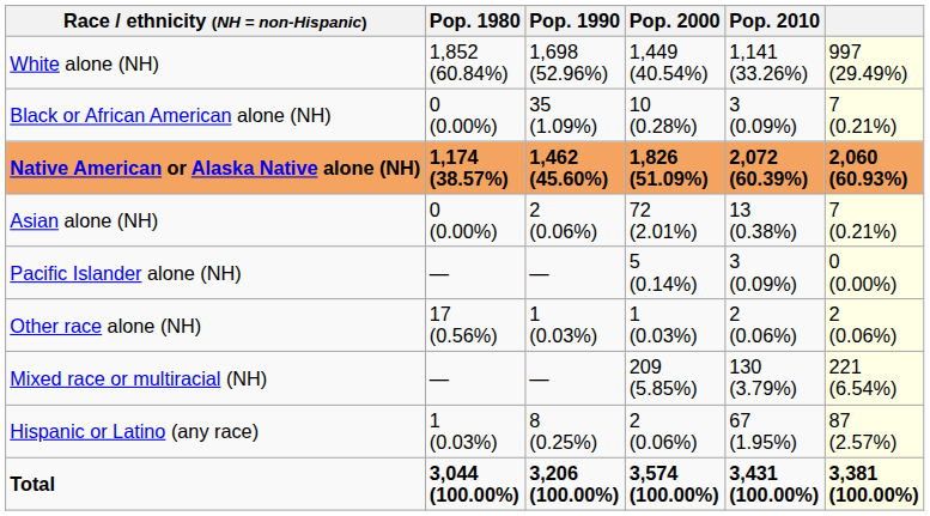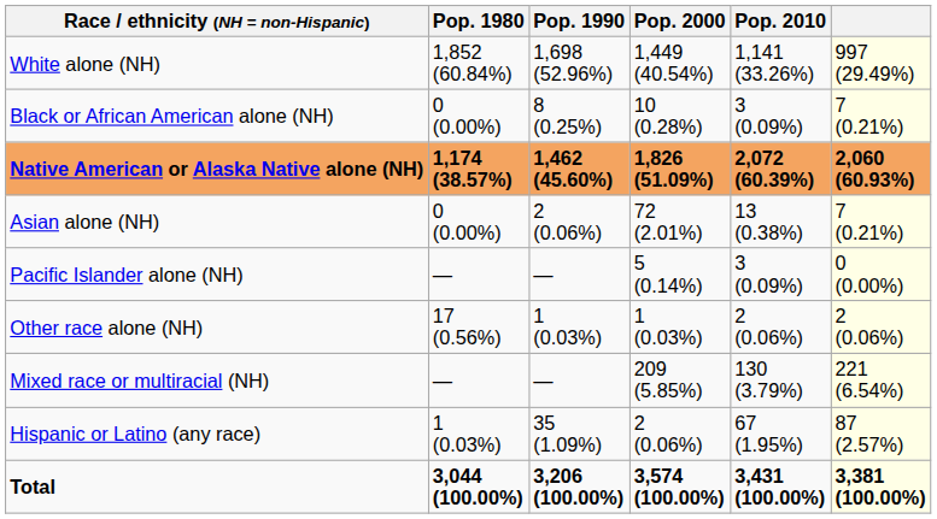 <table class="wikitable sortable collapsible" style="font-size: 95%;">
 <tr>
 <th>Race / ethnicity <small>(<em>NH = non-Hispanic</em>)</small></th>
 <th>Pop. 1980</th>
 <th>Pop. 1990</th>
 <th>Pop. 2000</th>
 <th>Pop. 2010</th>
 <th></th>
 </tr>
 <tr>
 <td><a href='#'>White</a> alone (NH)</td>
 <td>1,852<br>(60.84%)</td>
 <td>1,698<br>(52.96%)</td>
 <td>1,449<br>(40.54%)</td>
 <td>1,141<br>(33.26%)</td>
 <td style='background: #ffffe6;'>997<br>(29.49%)</td>
 </tr>
 <tr>
 <td><a href='#'>Black or African American</a> alone (NH)</td>
 <td>0<br>(0.00%)</td>
-<td>35<br>(1.09%)</td>
+<td>8<br>(0.25%)</td>
 <td>10<br>(0.28%)</td>
 <td>3<br>(0.09%)</td>
 <td style='background: #ffffe6;'>7<br>(0.21%)</td>
 </tr>
 <tr style='background: #F4A460;'>
 <td><strong><a href='#'>Native American</a> or <a href='#'>Alaska Native</a> alone (NH)</strong></td>
 <td><strong>1,174<br>(38.57%)</strong></td>
 <td><strong>1,462<br>(45.60%)</strong></td>
 <td><strong>1,826<br>(51.09%)</strong></td>
 <td><strong>2,072<br>(60.39%)</strong></td>
 <td><strong>2,060<br>(60.93%)</strong></td>
 </tr>
 <tr>
 <td><a href='#'>Asian</a> alone (NH)</td>
 <td>0<br>(0.00%)</td>
 <td>2<br>(0.06%)</td>
 <td>72<br>(2.01%)</td>
 <td>13<br>(0.38%)</td>
 <td style='background: #ffffe6;'>7<br>(0.21%)</td>
 </tr>
 <tr>
 <td><a href='#'>Pacific Islander</a> alone (NH)</td>
 <td>—</td>
 <td>—</td>
 <td>5<br>(0.14%)</td>
 <td>3<br>(0.09%)</td>
 <td style='background: #ffffe6;'>0<br>(0.00%)</td>
 </tr>
 <tr>
 <td><a href='#'>Other race</a> alone (NH)</td>
 <td>17<br>(0.56%)</td>
 <td>1<br>(0.03%)</td>
 <td>1<br>(0.03%)</td>
 <td>2<br>(0.06%)</td>
 <td style='background: #ffffe6;'>2<br>(0.06%)</td>
 </tr>
 <tr>
 <td><a href='#'>Mixed race or multiracial</a> (NH)</td>
 <td>—</td>
 <td>—</td>
 <td>209<br>(5.85%)</td>
 <td>130<br>(3.79%)</td>
 <td style='background: #ffffe6;'>221<br>(6.54%)</td>
 </tr>
 <tr>
 <td><a href='#'>Hispanic or Latino</a> (any race)</td>
 <td>1<br>(0.03%)</td>
-<td>8<br>(0.25%)</td>
+<td>35<br>(1.09%)</td>
 <td>2<br>(0.06%)</td>
 <td>67<br>(1.95%)</td>
 <td style='background: #ffffe6;'>87<br>(2.57%)</td>
 </tr>
 <tr>
 <td><strong>Total</strong></td>
 <td><strong>3,044<br>(100.00%)</strong></td>
 <td><strong>3,206<br>(100.00%)</strong></td>
 <td><strong>3,574<br>(100.00%)</strong></td>
 <td><strong>3,431<br>(100.00%)</strong></td>
 <td style='background: #ffffe6;'><strong>3,381<br>(100.00%)</strong></td>
 </tr>
 </table>
